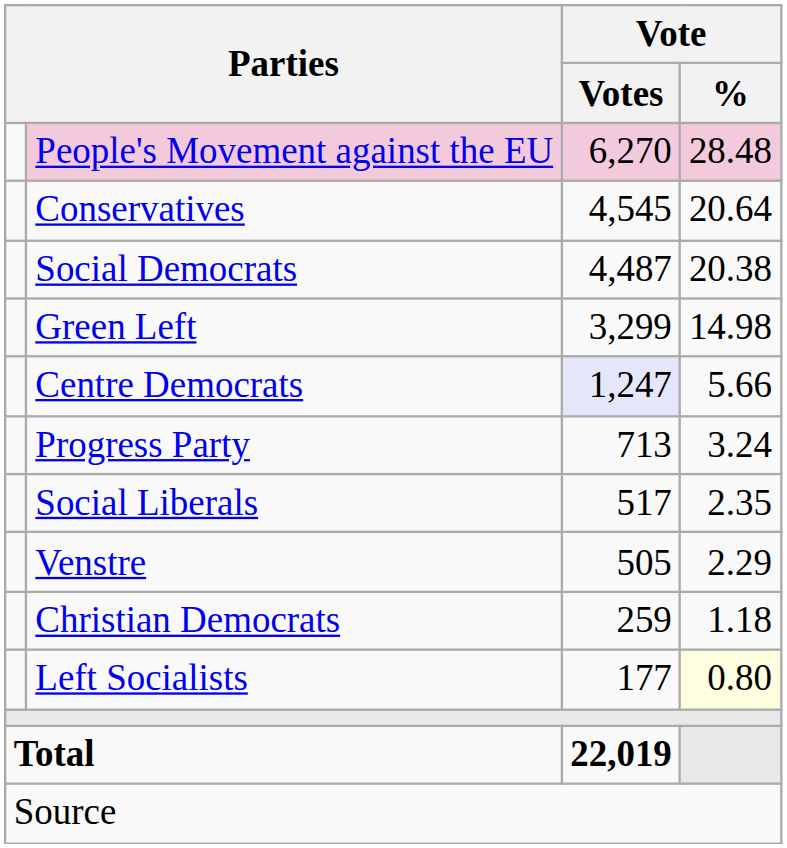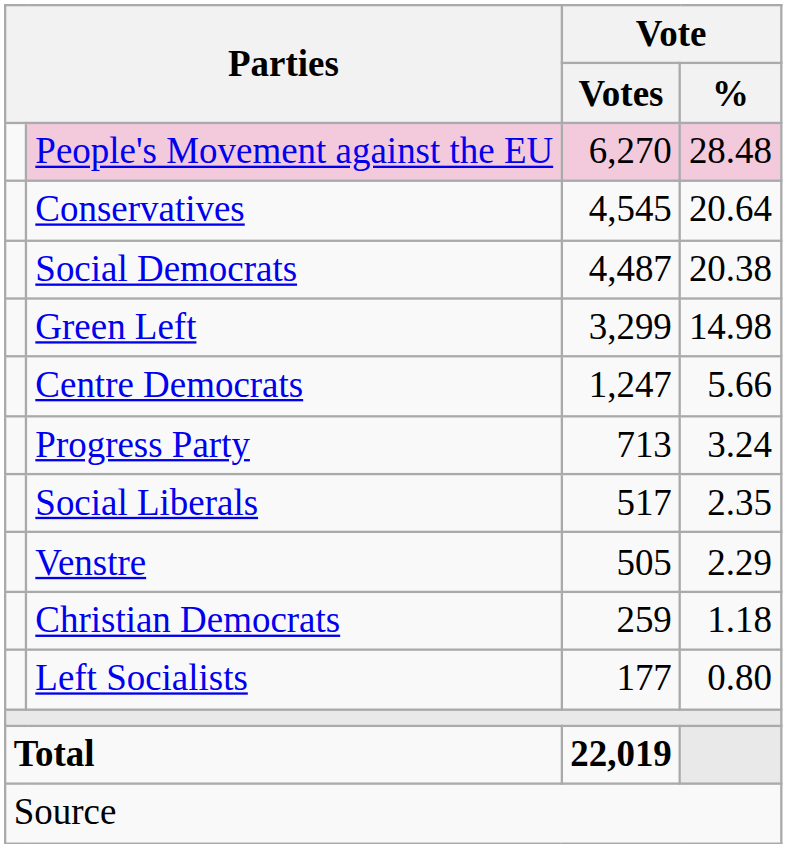 <table class="wikitable" style="text-align:right;">
 <tr>
 <th style="text-align:centre;" rowspan="2" colspan="2" width="225">Parties</th>
 <th colspan="3">Vote</th>
 </tr>
 <tr>
 <th width="15">Votes</th>
 <th width="15">%</th>
 </tr>
 <tr>
 <td width="2" style="color:inherit;background:"></td>
 <td bgcolor=#f3c9dc   align="left"><a href='#'>People's Movement against the EU</a></td>
 <td bgcolor=#f3c9dc>6,270</td>
 <td bgcolor=#f3c9dc>28.48</td>
 </tr>
 <tr>
 <td width="2" style="color:inherit;background:"></td>
 <td align="left"><a href='#'>Conservatives</a></td>
 <td>4,545</td>
 <td>20.64</td>
 </tr>
 <tr>
 <td width="2" style="color:inherit;background:"></td>
 <td align="left"><a href='#'>Social Democrats</a></td>
 <td>4,487</td>
 <td>20.38</td>
 </tr>
 <tr>
 <td width="2" style="color:inherit;background:"></td>
 <td align="left"><a href='#'>Green Left</a></td>
 <td>3,299</td>
 <td>14.98</td>
 </tr>
 <tr>
 <td width="2" style="color:inherit;background:"></td>
 <td align="left"><a href='#'>Centre Democrats</a></td>
-<td style="background: lavender;">1,247</td>
+<td>1,247</td>
 <td>5.66</td>
 </tr>
 <tr>
 <td width="2" style="color:inherit;background:"></td>
 <td align="left"><a href='#'>Progress Party</a></td>
 <td>713</td>
 <td>3.24</td>
 </tr>
 <tr>
 <td width="2" style="color:inherit;background:"></td>
 <td align="left"><a href='#'>Social Liberals</a></td>
 <td>517</td>
 <td>2.35</td>
 </tr>
 <tr>
 <td width="2" style="color:inherit;background:"></td>
 <td align="left"><a href='#'>Venstre</a></td>
 <td>505</td>
 <td>2.29</td>
 </tr>
 <tr>
 <td width="2" style="color:inherit;background:"></td>
 <td align="left"><a href='#'>Christian Democrats</a></td>
 <td>259</td>
 <td>1.18</td>
 </tr>
 <tr>
 <td width="2" style="color:inherit;background:"></td>
 <td align="left"><a href='#'>Left Socialists</a></td>
 <td>177</td>
-<td style="background: lightyellow;">0.80</td>
+<td>0.80</td>
 </tr>
 <tr>
 <td colspan="7" bgcolor="#E9E9E9"></td>
 </tr>
 <tr>
 <td align="left" colspan="2"><strong>Total</strong></td>
 <td><strong>22,019</strong></td>
 <td bgcolor="#E9E9E9" colspan="2"></td>
 </tr>
 <tr>
 <td align="left" colspan="6">Source</td>
 </tr>
 </table>
